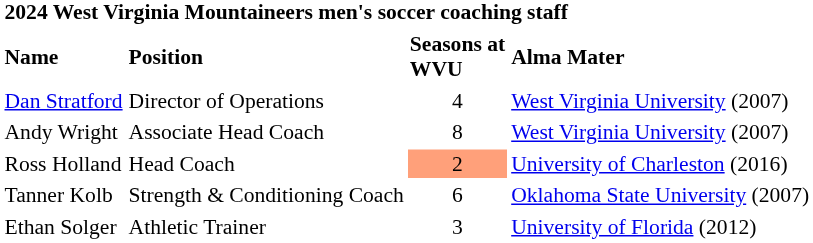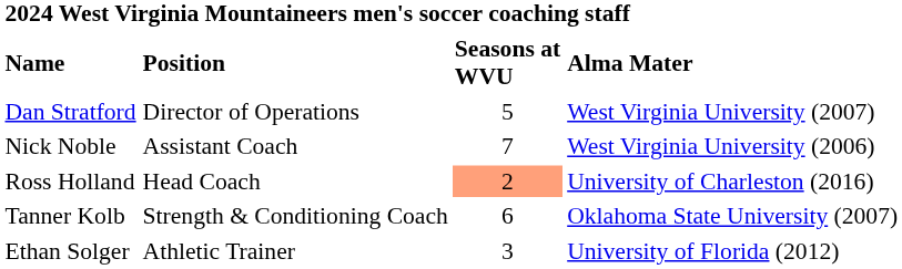 <table class="toccolours" style="text-align: left; font-size:90%;">
 <tr>
 <th colspan="4">2024 West Virginia Mountaineers men's soccer coaching staff</th>
 </tr>
 <tr>
 <th>Name</th>
 <th>Position</th>
 <th>Seasons at<br>WVU</th>
 <th>Alma Mater</th>
 </tr>
 <tr>
 <td><a href='#'>Dan Stratford</a></td>
 <td>Director of Operations</td>
-<td align=center>4</td>
+<td align=center>5</td>
 <td><a href='#'>West Virginia University</a> (2007)</td>
 </tr>
 <tr>
-<td>Andy Wright</td>
-<td>Associate Head Coach</td>
-<td align=center>8</td>
-<td><a href='#'>West Virginia University</a> (2007)</td>
+<td>Nick Noble</td>
+<td>Assistant Coach</td>
+<td align=center>7</td>
+<td><a href='#'>West Virginia University</a> (2006)</td>
 </tr>
 <tr>
 <td>Ross Holland</td>
 <td>Head Coach</td>
 <td align=center style="background: lightsalmon;">2</td>
 <td><a href='#'>University of Charleston</a> (2016)</td>
 </tr>
 <tr>
 <td>Tanner Kolb</td>
 <td>Strength & Conditioning Coach</td>
 <td align=center>6</td>
 <td><a href='#'>Oklahoma State University</a> (2007)</td>
 </tr>
 <tr>
 <td>Ethan Solger</td>
 <td>Athletic Trainer</td>
 <td align=center>3</td>
 <td><a href='#'>University of Florida</a> (2012)</td>
 </tr>
 </table>
